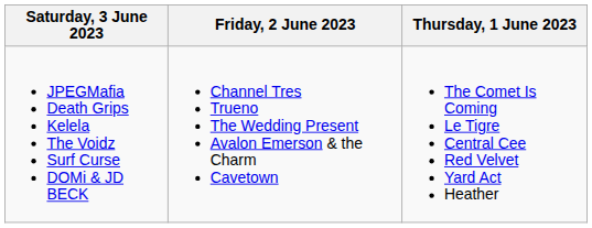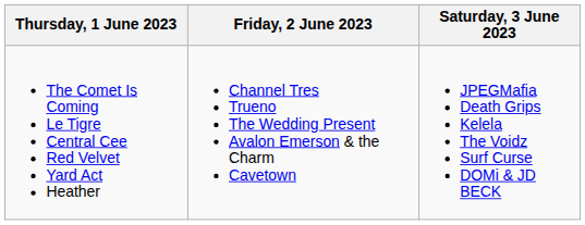 <table class="wikitable">
 <tr>
+<th>Thursday, 1 June 2023</th>
+<th>Friday, 2 June 2023</th>
 <th>Saturday, 3 June 2023</th>
-<th>Friday, 2 June 2023</th>
-<th>Thursday, 1 June 2023</th>
 </tr>
 <tr valign="top">
+<td><br><ul><li><a href='#'>The Comet Is Coming</a></li><li><a href='#'>Le Tigre</a></li><li><a href='#'>Central Cee</a></li><li><a href='#'>Red Velvet</a></li><li><a href='#'>Yard Act</a></li><li>Heather</li></ul></td>
+<td><br><ul><li><a href='#'>Channel Tres</a></li><li><a href='#'>Trueno</a></li><li><a href='#'>The Wedding Present</a></li><li><a href='#'>Avalon Emerson</a> & the Charm</li><li><a href='#'>Cavetown</a></li></ul></td>
 <td><br><ul><li><a href='#'>JPEGMafia</a></li><li><a href='#'>Death Grips</a></li><li><a href='#'>Kelela</a></li><li><a href='#'>The Voidz</a></li><li><a href='#'>Surf Curse</a></li><li><a href='#'>DOMi & JD BECK</a></li></ul></td>
-<td><br><ul><li><a href='#'>Channel Tres</a></li><li><a href='#'>Trueno</a></li><li><a href='#'>The Wedding Present</a></li><li><a href='#'>Avalon Emerson</a> & the Charm</li><li><a href='#'>Cavetown</a></li></ul></td>
-<td><br><ul><li><a href='#'>The Comet Is Coming</a></li><li><a href='#'>Le Tigre</a></li><li><a href='#'>Central Cee</a></li><li><a href='#'>Red Velvet</a></li><li><a href='#'>Yard Act</a></li><li>Heather</li></ul></td>
 </tr>
 </table>
